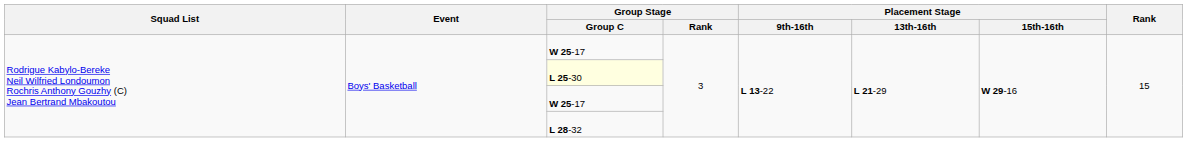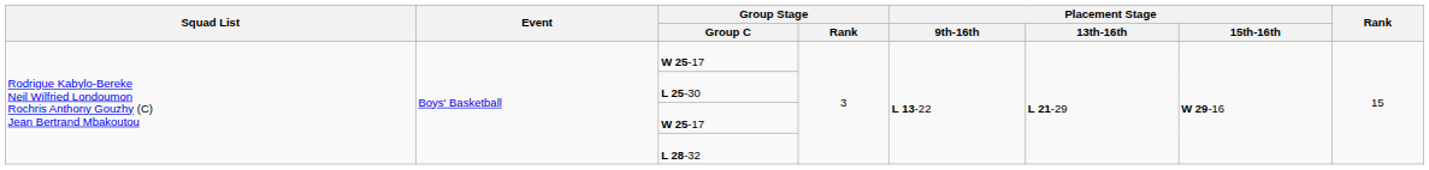 <table class="wikitable" width="90%" style="text-align:left; font-size:90%">
 <tr>
 <th rowspan="2">Squad List</th>
 <th rowspan="2">Event</th>
 <th colspan="2">Group Stage</th>
 <th colspan="3">Placement Stage</th>
 <th rowspan="2">Rank</th>
 </tr>
 <tr>
 <th>Group C</th>
 <th>Rank</th>
 <th>9th-16th</th>
 <th>13th-16th</th>
 <th>15th-16th</th>
 </tr>
 <tr>
 <td rowspan="4"><a href='#'>Rodrigue Kabylo-Bereke</a><br><a href='#'>Neil Wilfried Londoumon</a><br><a href='#'>Rochris Anthony Gouzhy</a> (C)<br><a href='#'>Jean Bertrand Mbakoutou</a></td>
 <td rowspan="4"><a href='#'>Boys' Basketball</a></td>
 <td><br> <strong>W</strong> <strong>25</strong>-17</td>
 <td rowspan="4" align=center>3</td>
 <td rowspan="4"> <br> <strong>L</strong> <strong>13</strong>-22</td>
 <td rowspan="4"> <br> <strong>L</strong> <strong>21</strong>-29</td>
 <td rowspan="4"> <br> <strong>W</strong> <strong>29</strong>-16</td>
 <td rowspan="4" align="center">15</td>
 </tr>
 <tr>
-<td style="background: lightyellow;"><br> <strong>L</strong> <strong>25</strong>-30</td>
+<td><br> <strong>L</strong> <strong>25</strong>-30</td>
 </tr>
 <tr>
 <td><br> <strong>W</strong> <strong>25</strong>-17</td>
 </tr>
 <tr>
 <td><br> <strong>L</strong> <strong>28</strong>-32</td>
 </tr>
 </table>
